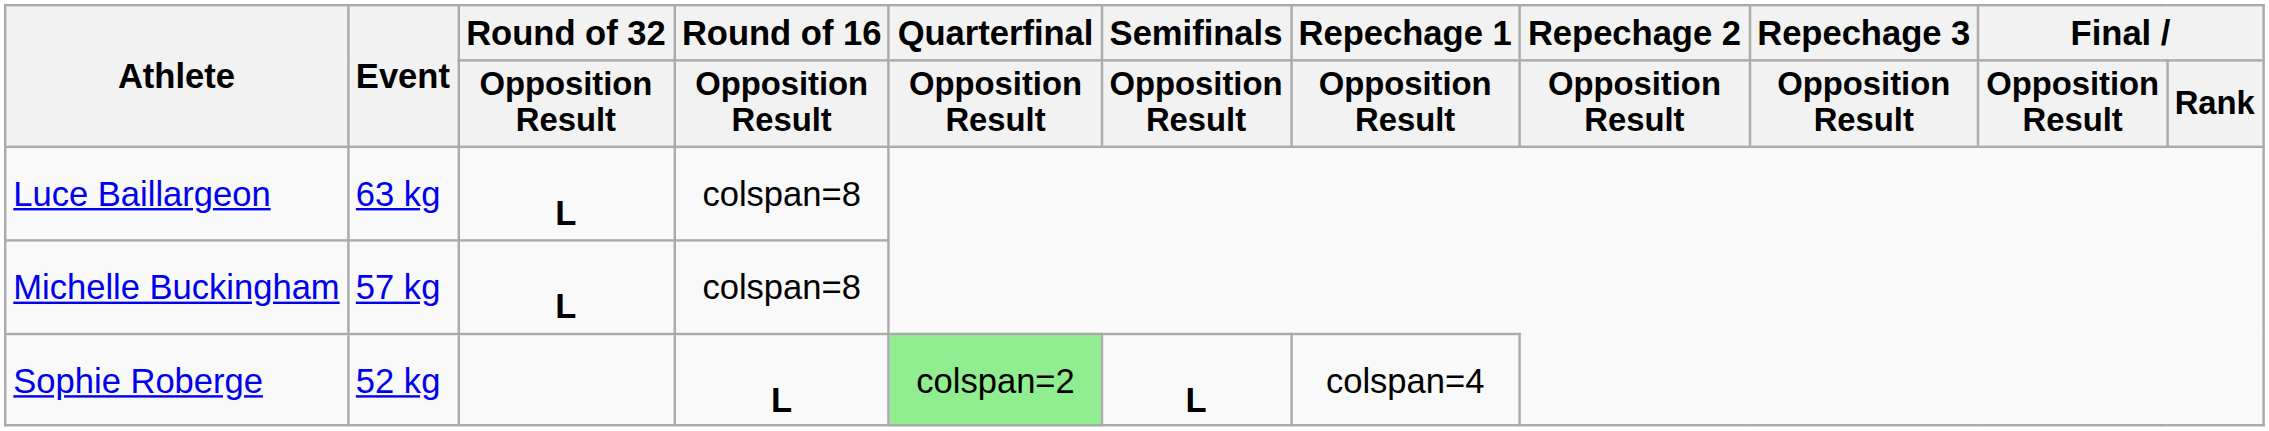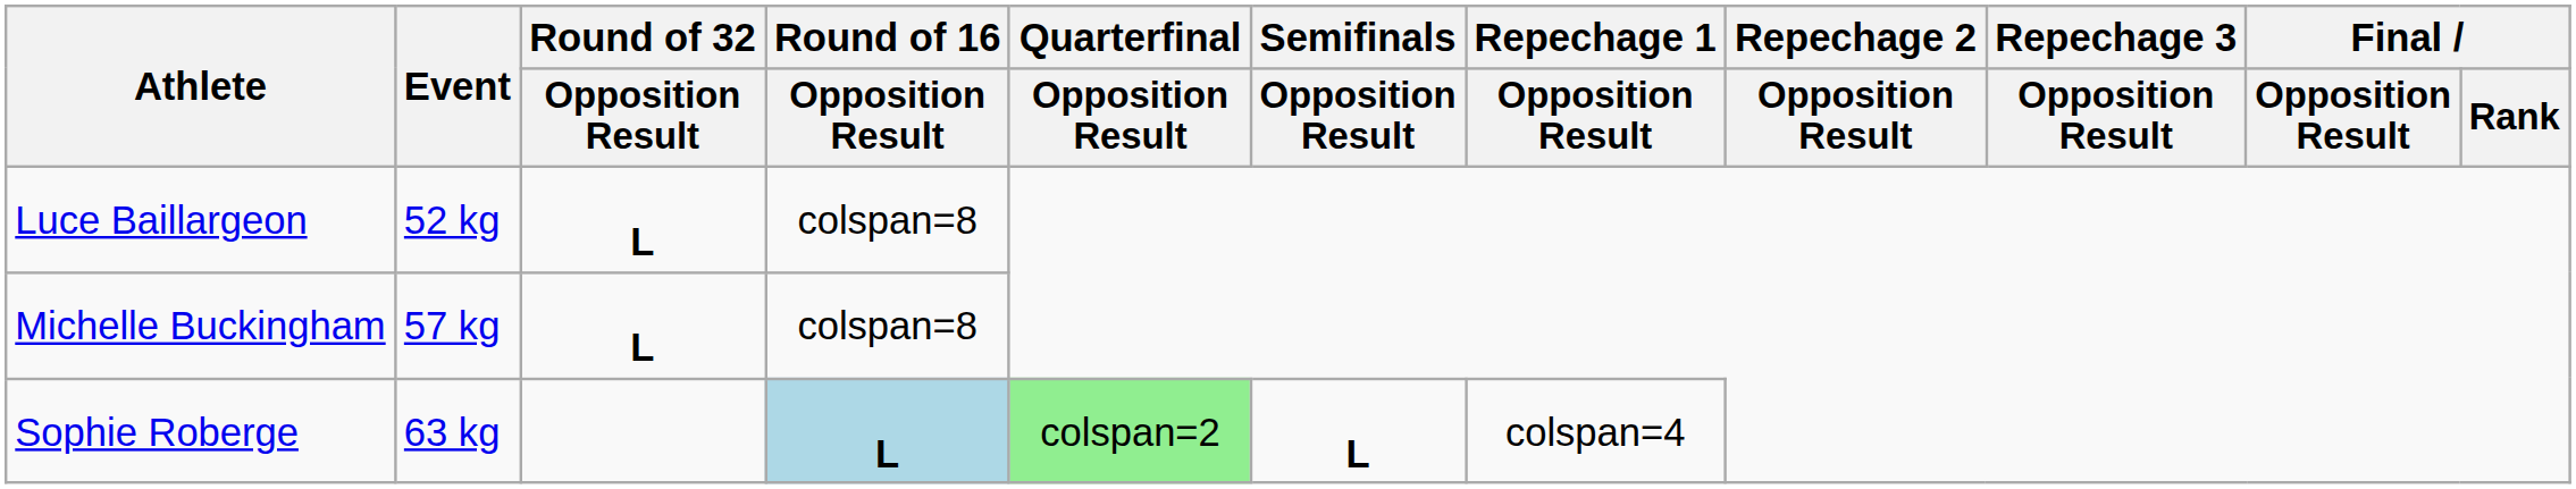 <table class="wikitable" style="font-size:90%">
 <tr>
 <th rowspan=2>Athlete</th>
 <th rowspan=2>Event</th>
 <th>Round of 32</th>
 <th>Round of 16</th>
 <th>Quarterfinal</th>
 <th>Semifinals</th>
 <th>Repechage 1</th>
 <th>Repechage 2</th>
 <th>Repechage 3</th>
 <th colspan=2>Final / </th>
 </tr>
 <tr style="font-size:95%">
 <th>Opposition<br>Result</th>
 <th>Opposition<br>Result</th>
 <th>Opposition<br>Result</th>
 <th>Opposition<br>Result</th>
 <th>Opposition<br>Result</th>
 <th>Opposition<br>Result</th>
 <th>Opposition<br>Result</th>
 <th>Opposition<br>Result</th>
 <th>Rank</th>
 </tr>
 <tr align=center>
 <td align=left><a href='#'>Luce Baillargeon</a></td>
-<td align=left><a href='#'>63 kg</a></td>
+<td align=left><a href='#'>52 kg</a></td>
 <td> <br> <strong>L</strong></td>
 <td>colspan=8 </td>
 </tr>
 <tr align=center>
 <td align=left><a href='#'>Michelle Buckingham</a></td>
 <td align=left><a href='#'>57 kg</a></td>
 <td> <br> <strong>L</strong></td>
 <td>colspan=8 </td>
 </tr>
 <tr align=center>
 <td align=left><a href='#'>Sophie Roberge</a></td>
-<td align=left><a href='#'>52 kg</a></td>
+<td align=left><a href='#'>63 kg</a></td>
 <td></td>
-<td> <br> <strong>L</strong></td>
+<td style="background: lightblue;"> <br> <strong>L</strong></td>
 <td style="background: lightgreen;">colspan=2 </td>
 <td> <br> <strong>L</strong></td>
 <td>colspan=4 </td>
 </tr>
 </table>
